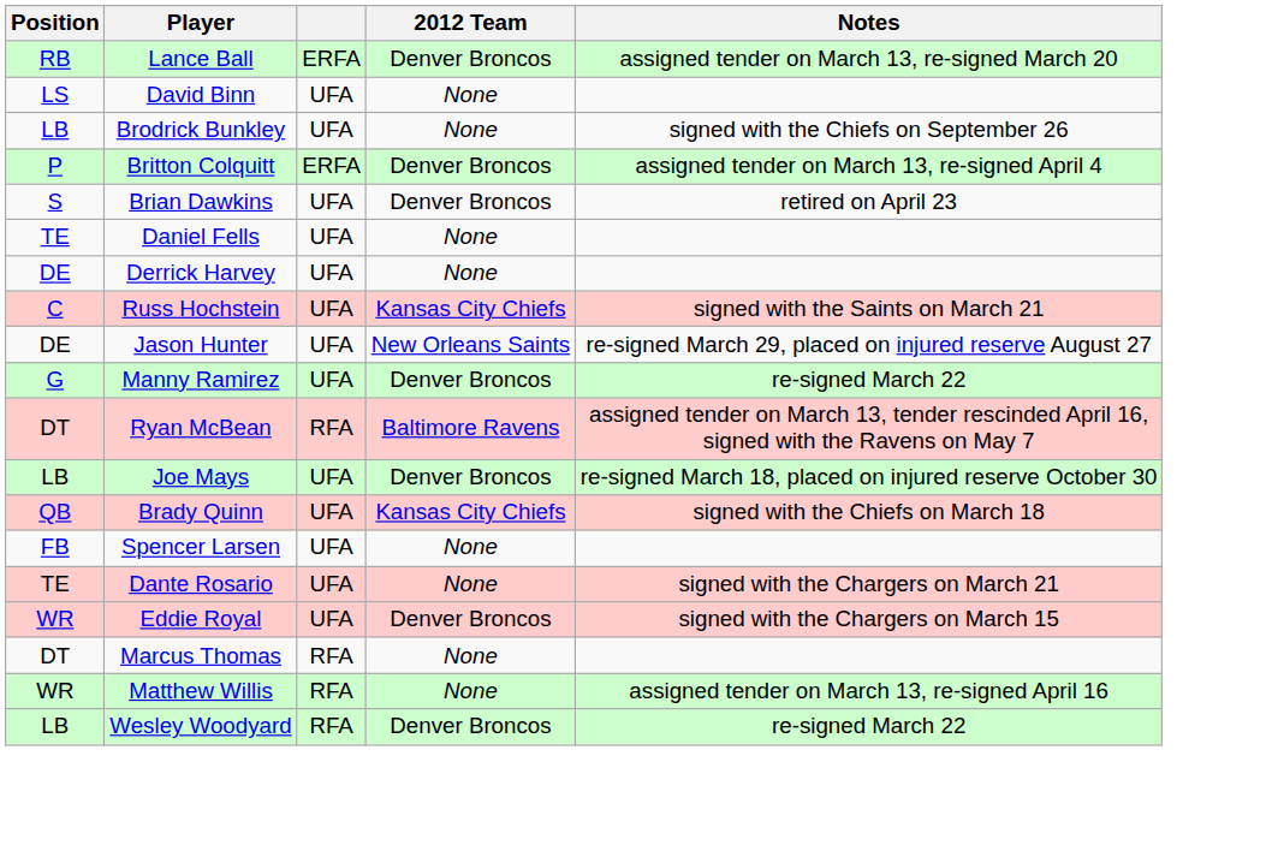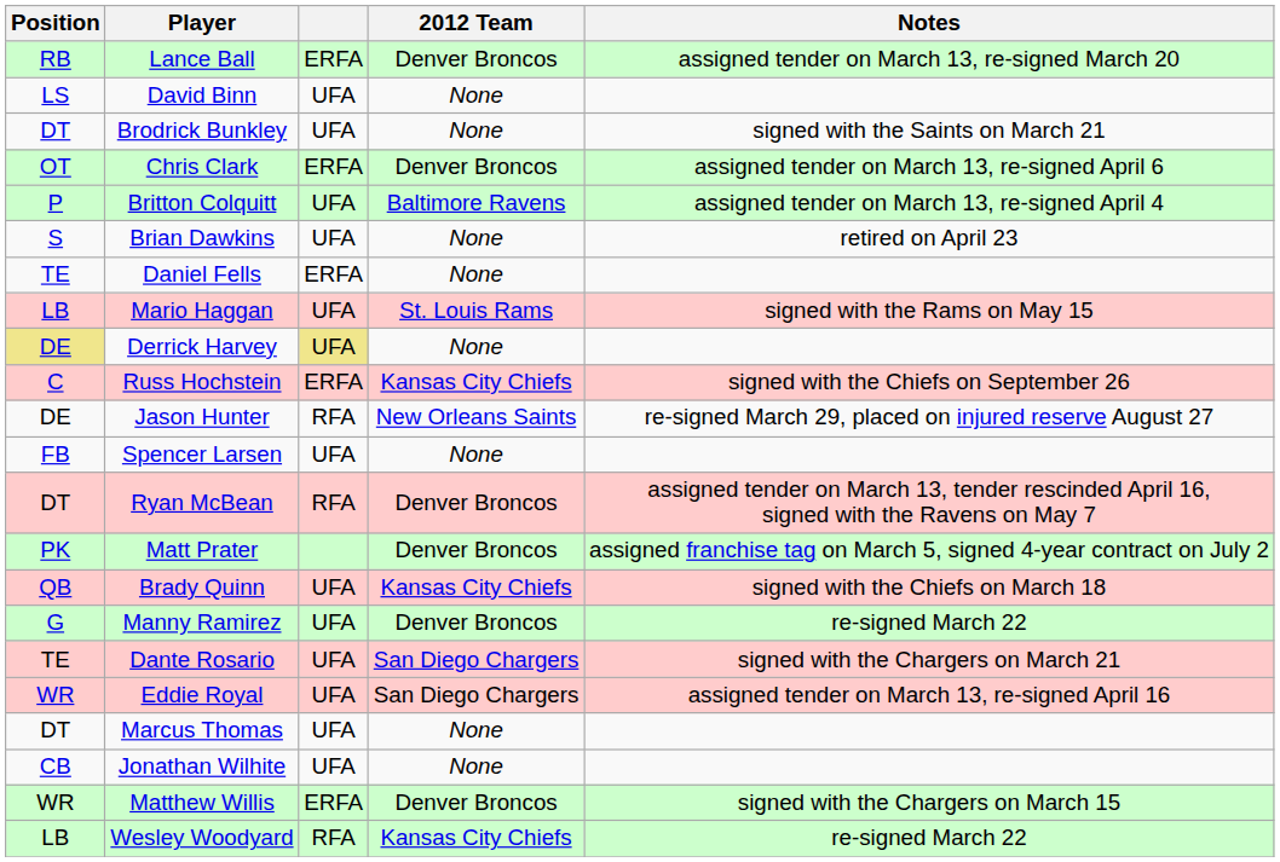 <table class="wikitable" style="text-align:center">
 <tr>
 <th>Position</th>
 <th>Player</th>
 <th></th>
 <th>2012 Team</th>
 <th>Notes</th>
 </tr>
 <tr style="background:#cfc">
 <td><a href='#'>RB</a></td>
 <td><a href='#'>Lance Ball</a></td>
 <td>ERFA</td>
 <td>Denver Broncos</td>
 <td>assigned tender on March 13, re-signed March 20</td>
 </tr>
 <tr>
 <td><a href='#'>LS</a></td>
 <td><a href='#'>David Binn</a></td>
 <td>UFA</td>
 <td><em>None</em></td>
 <td></td>
 </tr>
 <tr>
-<td><a href='#'>LB</a></td>
+<td><a href='#'>DT</a></td>
 <td><a href='#'>Brodrick Bunkley</a></td>
 <td>UFA</td>
 <td><em>None</em></td>
-<td>signed with the Chiefs on September 26 </td>
+<td>signed with the Saints on March 21</td>
+</tr>
+<tr style="background:#cfc">
+<td><a href='#'>OT</a></td>
+<td><a href='#'>Chris Clark</a></td>
+<td>ERFA</td>
+<td>Denver Broncos</td>
+<td>assigned tender on March 13, re-signed April 6</td>
 </tr>
 <tr style="background:#cfc">
 <td><a href='#'>P</a></td>
 <td><a href='#'>Britton Colquitt</a></td>
-<td>ERFA</td>
-<td>Denver Broncos</td>
+<td>UFA</td>
+<td><a href='#'>Baltimore Ravens</a></td>
 <td>assigned tender on March 13, re-signed April 4</td>
 </tr>
 <tr>
 <td><a href='#'>S</a></td>
 <td><a href='#'>Brian Dawkins</a></td>
 <td>UFA</td>
-<td>Denver Broncos</td>
+<td><em>None</em></td>
 <td>retired on April 23</td>
 </tr>
 <tr>
 <td><a href='#'>TE</a></td>
 <td><a href='#'>Daniel Fells</a></td>
-<td>UFA</td>
+<td>ERFA</td>
 <td><em>None</em></td>
 <td></td>
 </tr>
+<tr style="background:#fcc">
+<td><a href='#'>LB</a></td>
+<td><a href='#'>Mario Haggan</a></td>
+<td>UFA</td>
+<td><a href='#'>St. Louis Rams</a></td>
+<td>signed with the Rams on May 15</td>
+</tr>
 <tr>
-<td><a href='#'>DE</a></td>
+<td style="background: khaki;"><a href='#'>DE</a></td>
 <td><a href='#'>Derrick Harvey</a></td>
-<td>UFA</td>
+<td style="background: khaki;">UFA</td>
 <td><em>None</em></td>
 <td></td>
 </tr>
 <tr style="background:#fcc">
 <td><a href='#'>C</a></td>
 <td><a href='#'>Russ Hochstein</a></td>
-<td>UFA</td>
+<td>ERFA</td>
 <td><a href='#'>Kansas City Chiefs</a></td>
-<td>signed with the Saints on March 21</td>
+<td>signed with the Chiefs on September 26 </td>
 </tr>
 <tr>
 <td>DE</td>
 <td><a href='#'>Jason Hunter</a></td>
-<td>UFA</td>
+<td>RFA</td>
 <td><a href='#'>New Orleans Saints</a></td>
 <td>re-signed March 29, placed on <a href='#'>injured reserve</a> August 27</td>
+</tr>
+<tr>
+<td><a href='#'>FB</a></td>
+<td><a href='#'>Spencer Larsen</a></td>
+<td>UFA</td>
+<td><em>None</em></td>
+<td></td>
+</tr>
+<tr style="background:#fcc">
+<td>DT</td>
+<td><a href='#'>Ryan McBean</a></td>
+<td>RFA</td>
+<td>Denver Broncos</td>
+<td>assigned tender on March 13, tender rescinded April 16,<br>signed with the Ravens on May 7</td>
+</tr>
+<tr style="background:#cfc">
+<td><a href='#'>PK</a></td>
+<td><a href='#'>Matt Prater</a></td>
+<td></td>
+<td>Denver Broncos</td>
+<td>assigned <a href='#'>franchise tag</a> on March 5, signed 4-year contract on July 2</td>
+</tr>
+<tr style="background:#fcc">
+<td><a href='#'>QB</a></td>
+<td><a href='#'>Brady Quinn</a></td>
+<td>UFA</td>
+<td><a href='#'>Kansas City Chiefs</a></td>
+<td>signed with the Chiefs on March 18</td>
 </tr>
 <tr style="background:#cfc">
 <td><a href='#'>G</a></td>
 <td><a href='#'>Manny Ramirez</a></td>
 <td>UFA</td>
 <td>Denver Broncos</td>
 <td>re-signed March 22</td>
 </tr>
 <tr style="background:#fcc">
-<td>DT</td>
-<td><a href='#'>Ryan McBean</a></td>
-<td>RFA</td>
-<td><a href='#'>Baltimore Ravens</a></td>
-<td>assigned tender on March 13, tender rescinded April 16,<br>signed with the Ravens on May 7</td>
-</tr>
-<tr style="background:#cfc">
-<td>LB</td>
-<td><a href='#'>Joe Mays</a></td>
-<td>UFA</td>
-<td>Denver Broncos</td>
-<td>re-signed March 18, placed on injured reserve October 30</td>
-</tr>
-<tr style="background:#fcc">
-<td><a href='#'>QB</a></td>
-<td><a href='#'>Brady Quinn</a></td>
-<td>UFA</td>
-<td><a href='#'>Kansas City Chiefs</a></td>
-<td>signed with the Chiefs on March 18</td>
-</tr>
-<tr>
-<td><a href='#'>FB</a></td>
-<td><a href='#'>Spencer Larsen</a></td>
-<td>UFA</td>
-<td><em>None</em></td>
-<td></td>
-</tr>
-<tr style="background:#fcc">
 <td>TE</td>
 <td><a href='#'>Dante Rosario</a></td>
 <td>UFA</td>
-<td><em>None</em></td>
+<td><a href='#'>San Diego Chargers</a></td>
 <td>signed with the Chargers on March 21</td>
 </tr>
 <tr style="background:#fcc">
 <td><a href='#'>WR</a></td>
 <td><a href='#'>Eddie Royal</a></td>
 <td>UFA</td>
-<td>Denver Broncos</td>
-<td>signed with the Chargers on March 15</td>
+<td>San Diego Chargers</td>
+<td>assigned tender on March 13, re-signed April 16</td>
 </tr>
 <tr>
 <td>DT</td>
 <td><a href='#'>Marcus Thomas</a></td>
-<td>RFA</td>
+<td>UFA</td>
+<td><em>None</em></td>
+<td></td>
+</tr>
+<tr>
+<td><a href='#'>CB</a></td>
+<td><a href='#'>Jonathan Wilhite</a></td>
+<td>UFA</td>
 <td><em>None</em></td>
 <td></td>
 </tr>
 <tr style="background:#cfc">
 <td>WR</td>
 <td><a href='#'>Matthew Willis</a></td>
-<td>RFA</td>
-<td><em>None</em></td>
-<td>assigned tender on March 13, re-signed April 16</td>
+<td>ERFA</td>
+<td>Denver Broncos</td>
+<td>signed with the Chargers on March 15</td>
 </tr>
 <tr style="background:#cfc">
 <td>LB</td>
 <td><a href='#'>Wesley Woodyard</a></td>
 <td>RFA</td>
-<td>Denver Broncos</td>
+<td><a href='#'>Kansas City Chiefs</a></td>
 <td>re-signed March 22</td>
 </tr>
 </table>
